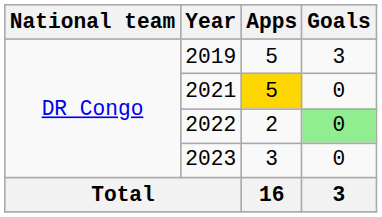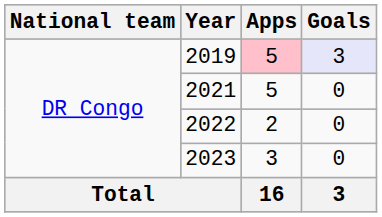 <table class="wikitable" style="text-align:center">
 <tr>
 <th>National team</th>
 <th>Year</th>
 <th>Apps</th>
 <th>Goals</th>
 </tr>
 <tr>
 <td rowspan="4"><a href='#'>DR Congo</a></td>
 <td>2019</td>
-<td>5</td>
-<td>3</td>
+<td style="background: pink;">5</td>
+<td style="background: lavender;">3</td>
 </tr>
 <tr>
 <td>2021</td>
-<td style="background: gold;">5</td>
+<td>5</td>
 <td>0</td>
 </tr>
 <tr>
 <td>2022</td>
 <td>2</td>
-<td style="background: lightgreen;">0</td>
+<td>0</td>
 </tr>
 <tr>
 <td>2023</td>
 <td>3</td>
 <td>0</td>
 </tr>
 <tr>
 <th colspan="2">Total</th>
 <th>16</th>
 <th>3</th>
 </tr>
 </table>
